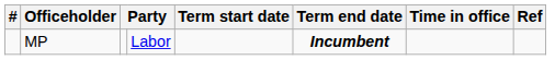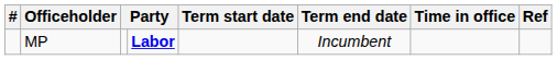 <table class='wikitable sortable'>
 <tr>
 <th>#</th>
 <th>Officeholder</th>
 <th colspan="2">Party</th>
 <th>Term start date</th>
 <th>Term end date</th>
 <th>Time in office</th>
 <th class="unsortable">Ref</th>
 </tr>
 <tr>
 <td align=center></td>
 <td> MP</td>
 <td></td>
-<td><a href='#'>Labor</a></td>
+<td><strong><a href='#'>Labor</a></strong></td>
 <td align=center></td>
-<td align=center><strong><em>Incumbent</em></strong></td>
+<td align=center><em>Incumbent</em></td>
 <td align=right></td>
 <td></td>
 </tr>
 </table>
